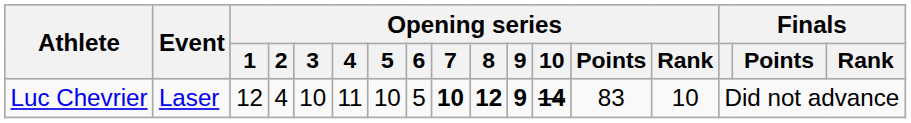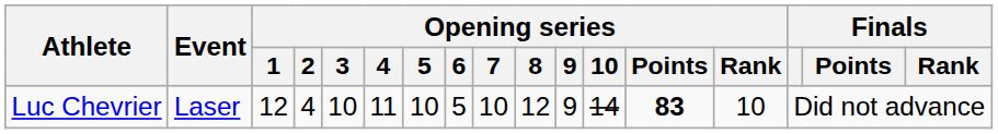 <table class=wikitable style=font-size:90%;text-align:center>
 <tr>
 <th rowspan=2>Athlete</th>
 <th rowspan=2>Event</th>
 <th colspan=12>Opening series</th>
 <th colspan=3>Finals</th>
 </tr>
 <tr style=font-size:95%>
 <th>1</th>
 <th>2</th>
 <th>3</th>
 <th>4</th>
 <th>5</th>
 <th>6</th>
 <th>7</th>
 <th>8</th>
 <th>9</th>
 <th>10</th>
 <th>Points</th>
 <th>Rank</th>
 <th></th>
 <th>Points</th>
 <th>Rank</th>
 </tr>
 <tr>
 <td align=left><a href='#'>Luc Chevrier</a></td>
 <td align=left><a href='#'>Laser</a></td>
 <td>12</td>
 <td>4</td>
 <td>10</td>
 <td>11</td>
 <td>10</td>
 <td>5</td>
-<td><strong>10</strong></td>
-<td><strong>12</strong></td>
-<td><strong>9</strong></td>
-<td><strong><s>14</s></strong></td>
-<td>83</td>
+<td>10</td>
+<td>12</td>
+<td>9</td>
+<td><s>14</s></td>
+<td><strong>83</strong></td>
 <td>10</td>
 <td colspan=3>Did not advance</td>
 </tr>
 </table>
